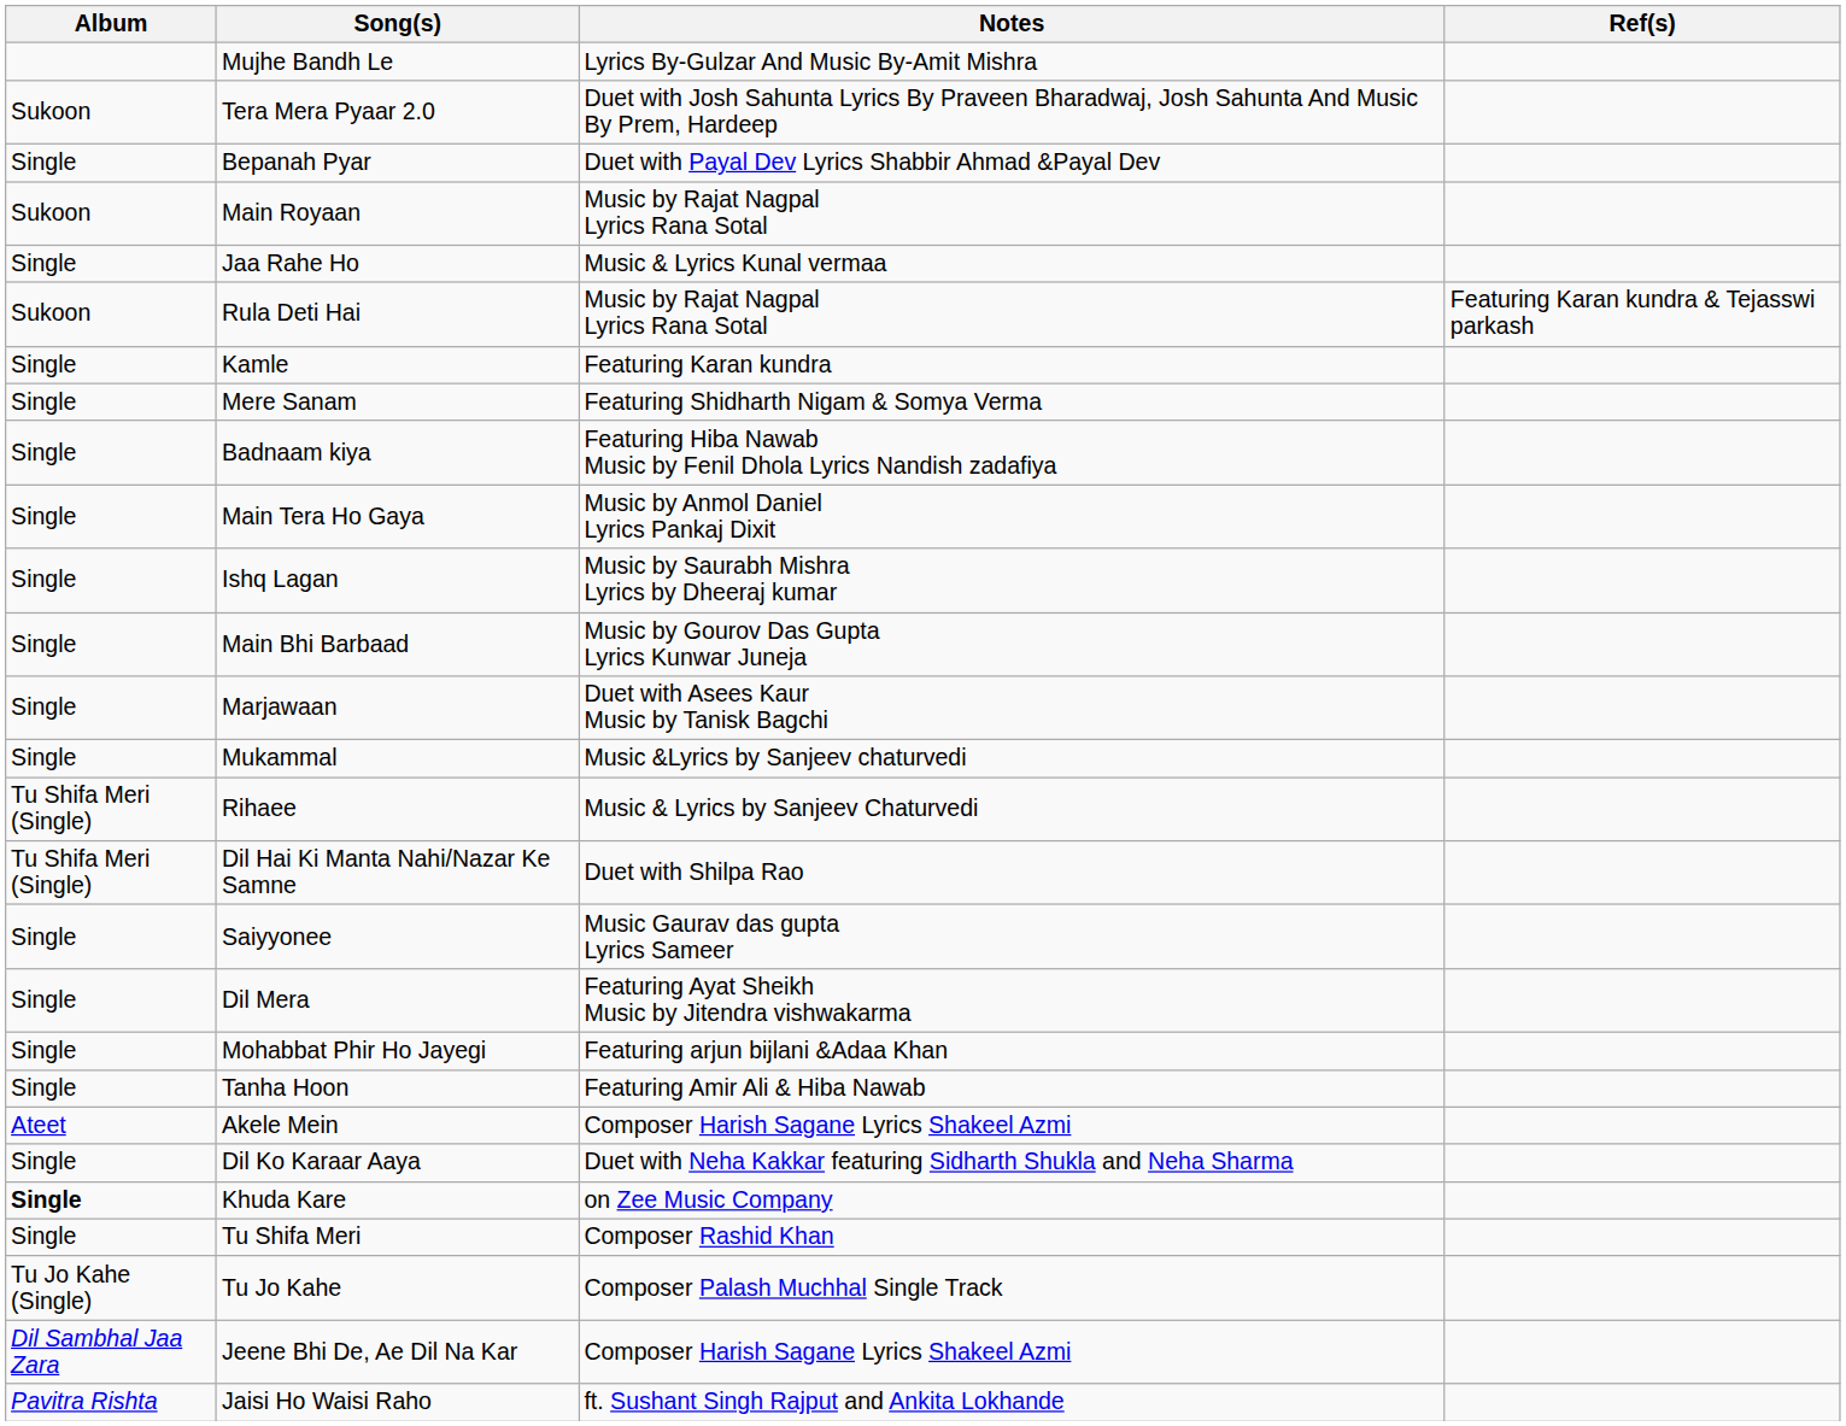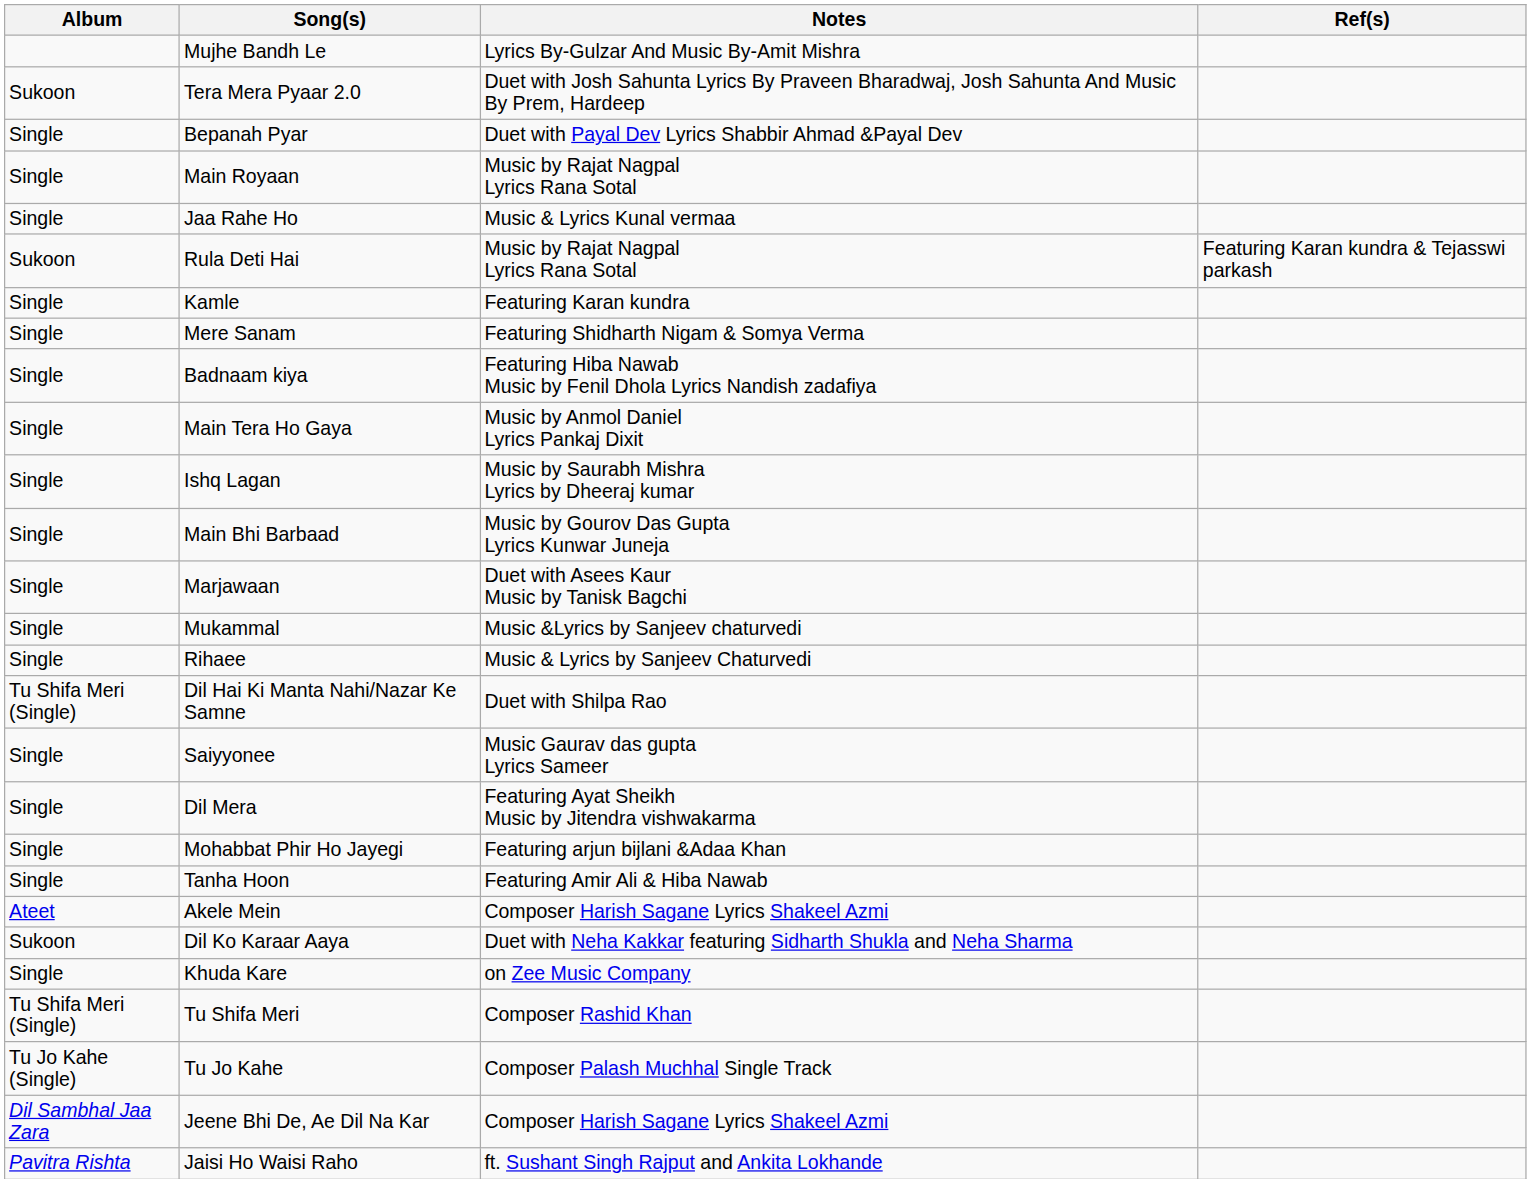 <table class="wikitable sortable">
 <tr>
 <th>Album</th>
 <th>Song(s)</th>
 <th>Notes</th>
 <th>Ref(s)</th>
 </tr>
 <tr>
 <td></td>
 <td>Mujhe Bandh Le</td>
 <td>Lyrics By-Gulzar And Music By-Amit Mishra</td>
 <td></td>
 </tr>
 <tr>
 <td>Sukoon</td>
 <td>Tera Mera Pyaar 2.0</td>
 <td>Duet with Josh Sahunta Lyrics By Praveen Bharadwaj, Josh Sahunta And Music By Prem, Hardeep</td>
 <td></td>
 </tr>
 <tr>
 <td>Single</td>
 <td>Bepanah Pyar</td>
 <td>Duet with <a href='#'>Payal Dev</a> Lyrics Shabbir Ahmad &Payal Dev</td>
 <td></td>
 </tr>
 <tr>
-<td>Sukoon</td>
+<td>Single</td>
 <td>Main Royaan</td>
 <td>Music by Rajat Nagpal<br>Lyrics Rana Sotal</td>
 <td></td>
 </tr>
 <tr>
 <td>Single</td>
 <td>Jaa Rahe Ho</td>
 <td>Music & Lyrics Kunal vermaa</td>
 <td></td>
 </tr>
 <tr>
 <td>Sukoon</td>
 <td>Rula Deti Hai</td>
 <td>Music by Rajat Nagpal<br>Lyrics Rana Sotal</td>
 <td>Featuring  Karan kundra & Tejasswi parkash</td>
 </tr>
 <tr>
 <td>Single</td>
 <td>Kamle</td>
 <td>Featuring Karan kundra</td>
 <td></td>
 </tr>
 <tr>
 <td>Single</td>
 <td>Mere Sanam</td>
 <td>Featuring Shidharth Nigam & Somya Verma</td>
 <td></td>
 </tr>
 <tr>
 <td>Single</td>
 <td>Badnaam kiya</td>
 <td>Featuring Hiba Nawab<br>Music by Fenil Dhola Lyrics Nandish zadafiya</td>
 <td></td>
 </tr>
 <tr>
 <td>Single</td>
 <td>Main Tera Ho Gaya</td>
 <td>Music by Anmol Daniel<br>Lyrics Pankaj Dixit</td>
 <td></td>
 </tr>
 <tr>
 <td>Single</td>
 <td>Ishq Lagan</td>
 <td>Music by Saurabh Mishra<br>Lyrics by Dheeraj kumar</td>
 <td></td>
 </tr>
 <tr>
 <td>Single</td>
 <td>Main Bhi Barbaad</td>
 <td>Music by Gourov Das Gupta<br>Lyrics Kunwar Juneja</td>
 <td></td>
 </tr>
 <tr>
 <td>Single</td>
 <td>Marjawaan</td>
 <td>Duet with Asees Kaur<br>Music by Tanisk Bagchi</td>
 <td></td>
 </tr>
 <tr>
 <td>Single</td>
 <td>Mukammal</td>
 <td>Music &Lyrics by Sanjeev chaturvedi</td>
 <td></td>
 </tr>
 <tr>
-<td>Tu Shifa Meri (Single)</td>
+<td>Single</td>
 <td>Rihaee</td>
 <td>Music & Lyrics by Sanjeev Chaturvedi</td>
 <td></td>
 </tr>
 <tr>
 <td>Tu Shifa Meri (Single)</td>
 <td>Dil Hai Ki Manta Nahi/Nazar Ke Samne</td>
 <td>Duet with Shilpa Rao</td>
 <td></td>
 </tr>
 <tr>
 <td>Single</td>
 <td>Saiyyonee</td>
 <td>Music Gaurav das gupta<br>Lyrics Sameer</td>
 <td></td>
 </tr>
 <tr>
 <td>Single</td>
 <td>Dil Mera</td>
 <td>Featuring Ayat Sheikh<br>Music by Jitendra vishwakarma</td>
 <td></td>
 </tr>
 <tr>
 <td>Single</td>
 <td>Mohabbat Phir Ho Jayegi</td>
 <td>Featuring arjun bijlani &Adaa Khan</td>
 <td></td>
 </tr>
 <tr>
 <td>Single</td>
 <td>Tanha Hoon</td>
 <td>Featuring  Amir Ali & Hiba Nawab</td>
 <td></td>
 </tr>
 <tr>
 <td><a href='#'>Ateet</a></td>
 <td>Akele Mein</td>
 <td>Composer <a href='#'>Harish Sagane</a> Lyrics <a href='#'>Shakeel Azmi</a></td>
 <td></td>
 </tr>
 <tr>
-<td>Single</td>
+<td>Sukoon</td>
 <td>Dil Ko Karaar Aaya</td>
 <td>Duet with <a href='#'>Neha Kakkar</a> featuring <a href='#'>Sidharth Shukla</a> and <a href='#'>Neha Sharma</a></td>
 <td></td>
 </tr>
 <tr>
-<td><strong>Single</strong></td>
+<td>Single</td>
 <td>Khuda Kare</td>
 <td>on <a href='#'>Zee Music Company</a></td>
 <td></td>
 </tr>
 <tr>
-<td>Single</td>
+<td>Tu Shifa Meri (Single)</td>
 <td>Tu Shifa Meri</td>
 <td>Composer <a href='#'>Rashid Khan</a></td>
 <td></td>
 </tr>
 <tr>
 <td>Tu Jo Kahe (Single)</td>
 <td>Tu Jo Kahe</td>
 <td>Composer <a href='#'>Palash Muchhal</a> Single Track</td>
 <td></td>
 </tr>
 <tr>
 <td><em><a href='#'>Dil Sambhal Jaa Zara</a></em></td>
 <td>Jeene Bhi De, Ae Dil Na Kar</td>
 <td>Composer <a href='#'>Harish Sagane</a> Lyrics <a href='#'>Shakeel Azmi</a></td>
 <td></td>
 </tr>
 <tr>
 <td><em><a href='#'>Pavitra Rishta</a></em></td>
 <td>Jaisi Ho Waisi Raho</td>
 <td>ft. <a href='#'>Sushant Singh Rajput</a> and <a href='#'>Ankita Lokhande</a></td>
 <td></td>
 </tr>
 <tr>
 </tr>
 </table>
